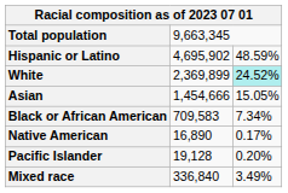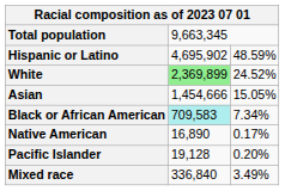 <table class="wikitable">
 <tr>
 <th colspan="6">Racial composition as of 2023 07 01</th>
 </tr>
 <tr>
 <th scope="row" style="text-align: left;">Total population</th>
 <td colspan="2">9,663,345</td>
 </tr>
 <tr>
 <th scope="row" style="text-align: left;">Hispanic or Latino</th>
 <td>4,695,902</td>
 <td>48.59%</td>
 </tr>
 <tr>
 <th scope="row" style="text-align: left;">White</th>
-<td>2,369,899</td>
-<td style="background: paleturquoise;">24.52%</td>
+<td style="background: lightgreen;">2,369,899</td>
+<td>24.52%</td>
 </tr>
 <tr>
 <th scope="row" style="text-align: left;">Asian</th>
 <td>1,454,666</td>
 <td>15.05%</td>
 </tr>
 <tr>
 <th scope="row" style="text-align: left;">Black or African American</th>
-<td>709,583</td>
+<td style="background: paleturquoise;">709,583</td>
 <td>7.34%</td>
 </tr>
 <tr>
 <th scope="row" style="text-align: left;">Native American</th>
 <td>16,890</td>
 <td>0.17%</td>
 </tr>
 <tr>
 <th scope="row" style="text-align: left;">Pacific Islander</th>
 <td>19,128</td>
 <td>0.20%</td>
 </tr>
 <tr>
 <th scope="row" style="text-align: left;">Mixed race</th>
 <td>336,840</td>
 <td>3.49%</td>
 </tr>
 </table>
